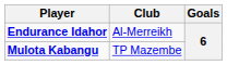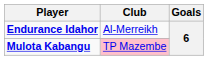 <table class="wikitable">
 <tr>
 <th>Player</th>
 <th>Club</th>
 <th>Goals</th>
 </tr>
 <tr align="center">
 <td align="left"> <strong><a href='#'>Endurance Idahor</a></strong></td>
 <td align="left"> <a href='#'>Al-Merreikh</a></td>
 <th rowspan="2">6</th>
 </tr>
 <tr align="center">
 <td align="left"> <strong><a href='#'>Mulota Kabangu</a></strong></td>
-<td align="left"> <a href='#'>TP Mazembe</a></td>
+<td align="left" style="background: pink;"> <a href='#'>TP Mazembe</a></td>
 </tr>
 </table>
